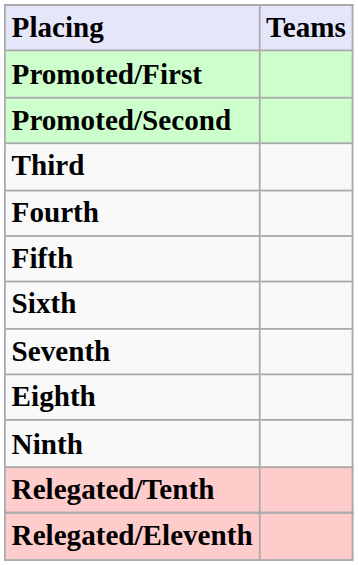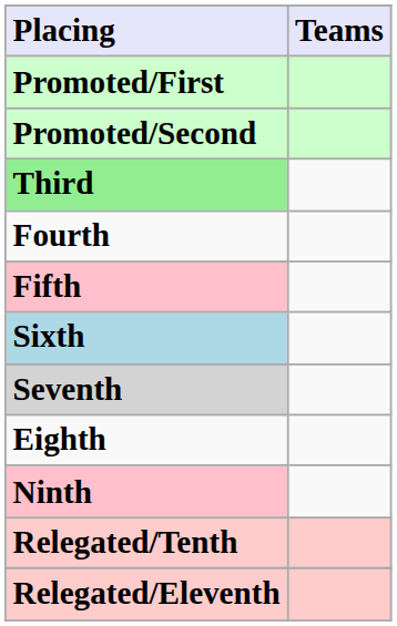 <table class=wikitable>
 <tr>
 </tr>
 <tr style="background: #E6E6FA;">
 <td><strong>Placing</strong></td>
 <td colspan="4" style="text-align:center"><strong>Teams</strong></td>
 </tr>
 <tr style="background: #ccffcc;">
 <td><strong>Promoted/First</strong></td>
 <td colspan=2><strong></strong></td>
 </tr>
 <tr style="background: #ccffcc;">
 <td><strong>Promoted/Second</strong></td>
 <td colspan=2><strong></strong></td>
 </tr>
 <tr>
-<td><strong>Third</strong></td>
+<td style="background: lightgreen;"><strong>Third</strong></td>
 <td colspan=2></td>
 </tr>
 <tr>
 <td><strong>Fourth</strong></td>
 <td colspan=2></td>
 </tr>
 <tr>
-<td><strong>Fifth</strong></td>
+<td style="background: pink;"><strong>Fifth</strong></td>
 <td colspan=2></td>
 </tr>
 <tr>
-<td><strong>Sixth</strong></td>
+<td style="background: lightblue;"><strong>Sixth</strong></td>
 <td colspan=2></td>
 </tr>
 <tr>
-<td><strong>Seventh</strong></td>
+<td style="background: lightgrey;"><strong>Seventh</strong></td>
 <td colspan=2></td>
 </tr>
 <tr>
 <td><strong>Eighth</strong></td>
 <td colspan=2></td>
 </tr>
 <tr>
-<td><strong>Ninth</strong></td>
+<td style="background: pink;"><strong>Ninth</strong></td>
 <td colspan=2></td>
 </tr>
 <tr style="background: #ffcccc;">
 <td><strong>Relegated/Tenth</strong></td>
 <td colspan=2><em></em></td>
 </tr>
 <tr>
 </tr>
 <tr style="background: #ffcccc;">
 <td><strong>Relegated/Eleventh</strong></td>
 <td colspan=2><em></em></td>
 </tr>
 </table>
